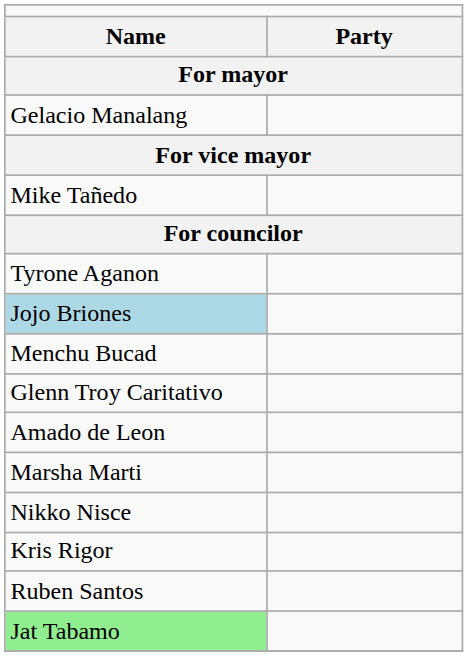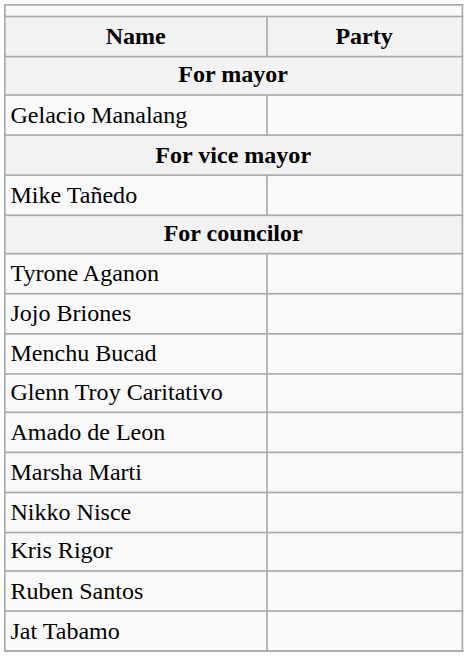 <table class=wikitable style="font-size:90%">
 <tr>
 <td colspan=4 bgcolor=></td>
 </tr>
 <tr>
 <th width=150px>Name</th>
 <th colspan=2 width=110px>Party</th>
 </tr>
 <tr>
 <th colspan=3>For mayor</th>
 </tr>
 <tr>
 <td>Gelacio Manalang</td>
 <td></td>
 </tr>
 <tr>
 <th colspan=3>For vice mayor</th>
 </tr>
 <tr>
 <td>Mike Tañedo</td>
 <td></td>
 </tr>
 <tr>
 <th colspan=3>For councilor</th>
 </tr>
 <tr>
 <td>Tyrone Aganon</td>
 <td></td>
 </tr>
 <tr>
-<td style="background: lightblue;">Jojo Briones</td>
+<td>Jojo Briones</td>
 <td></td>
 </tr>
 <tr>
 <td>Menchu Bucad</td>
 <td></td>
 </tr>
 <tr>
 <td>Glenn Troy Caritativo</td>
 <td></td>
 </tr>
 <tr>
 <td>Amado de Leon</td>
 <td></td>
 </tr>
 <tr>
 <td>Marsha Marti</td>
 <td></td>
 </tr>
 <tr>
 <td>Nikko Nisce</td>
 <td></td>
 </tr>
 <tr>
 <td>Kris Rigor</td>
 <td></td>
 </tr>
 <tr>
 <td>Ruben Santos</td>
 <td></td>
 </tr>
 <tr>
-<td style="background: lightgreen;">Jat Tabamo</td>
+<td>Jat Tabamo</td>
 <td></td>
 </tr>
 <tr>
 </tr>
 </table>
